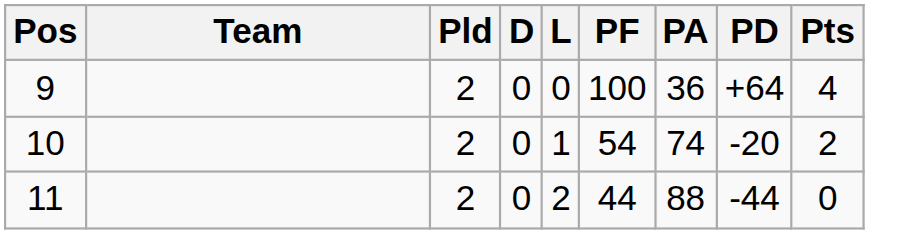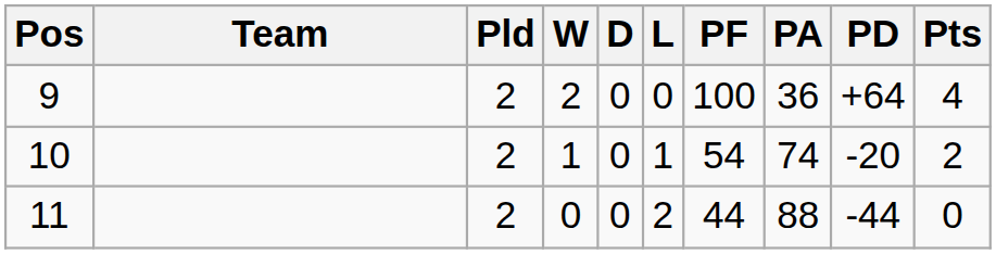 <table class="wikitable" style="align:left; text-align:center;">
 <tr>
 <th>Pos</th>
 <th width=150px>Team</th>
 <th>Pld</th>
+<th>W</th>
 <th>D</th>
 <th>L</th>
 <th>PF</th>
 <th>PA</th>
 <th>PD</th>
 <th>Pts</th>
 </tr>
 <tr>
 <td>9</td>
 <td align=left></td>
+<td>2</td>
 <td>2</td>
 <td>0</td>
 <td>0</td>
 <td>100</td>
 <td>36</td>
 <td>+64</td>
 <td>4</td>
 </tr>
 <tr>
 <td>10</td>
 <td align=left></td>
 <td>2</td>
+<td>1</td>
 <td>0</td>
 <td>1</td>
 <td>54</td>
 <td>74</td>
 <td>-20</td>
 <td>2</td>
 </tr>
 <tr>
 <td>11</td>
 <td align=left></td>
 <td>2</td>
 <td>0</td>
+<td>0</td>
 <td>2</td>
 <td>44</td>
 <td>88</td>
 <td>-44</td>
 <td>0</td>
 </tr>
 </table>
